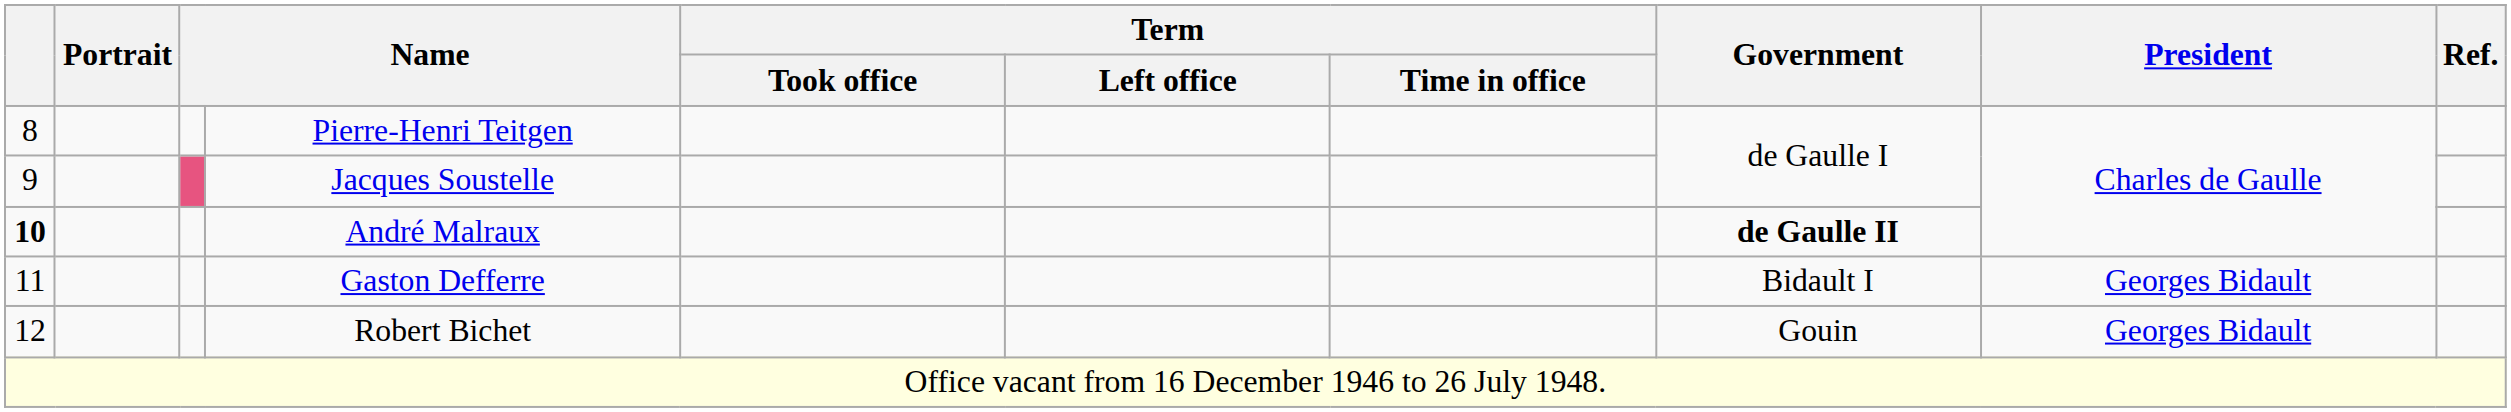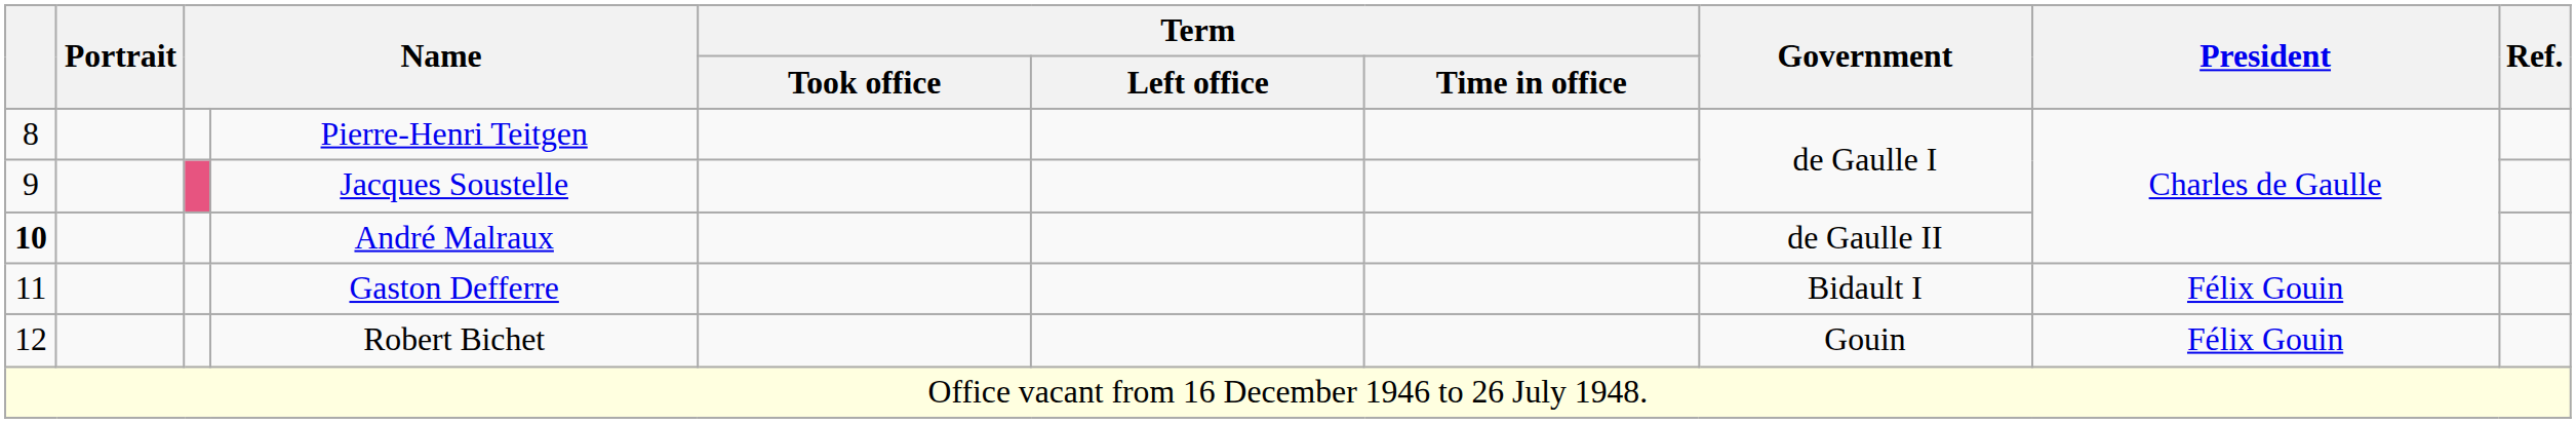 <table class="wikitable" style="text-align:center; width:100%">
 <tr>
 <th style="width:2%" rowspan=2></th>
 <th style="width:5%" rowspan=2>Portrait</th>
 <th style="width:20%" rowspan=2, colspan=2>Name</th>
 <th colspan=3>Term</th>
 <th style="width:13%" rowspan=2>Government</th>
 <th rowspan=2><a href='#'>President</a></th>
 <th style="width:2%" rowspan=2>Ref.</th>
 </tr>
 <tr>
 <th style="width:13%">Took office</th>
 <th style="width:13%">Left office</th>
 <th style="width:13%">Time in office</th>
 </tr>
 <tr>
 <td>8</td>
 <td></td>
 <td style="background:"></td>
 <td><a href='#'>Pierre-Henri Teitgen</a></td>
 <td></td>
 <td></td>
 <td></td>
 <td rowspan=2>de Gaulle I</td>
 <td rowspan=3><a href='#'>Charles de Gaulle</a></td>
 <td></td>
 </tr>
 <tr>
 <td>9</td>
 <td></td>
 <td style="background:#E75480"></td>
 <td><a href='#'>Jacques Soustelle</a></td>
 <td></td>
 <td></td>
 <td></td>
 <td></td>
 </tr>
 <tr>
 <td><strong>10</strong></td>
 <td></td>
 <td style="background:"></td>
 <td><a href='#'>André Malraux</a></td>
 <td></td>
 <td></td>
 <td></td>
-<td><strong>de Gaulle II</strong></td>
+<td>de Gaulle II</td>
 <td></td>
 </tr>
 <tr>
 <td>11</td>
 <td></td>
 <td style="background:"></td>
 <td><a href='#'>Gaston Defferre</a></td>
 <td></td>
 <td></td>
 <td></td>
 <td>Bidault I</td>
-<td><a href='#'>Georges Bidault</a></td>
+<td><a href='#'>Félix Gouin</a></td>
 <td></td>
 </tr>
 <tr>
 <td>12</td>
 <td></td>
 <td style="background:"></td>
 <td>Robert Bichet</td>
 <td></td>
 <td></td>
 <td></td>
 <td>Gouin</td>
-<td><a href='#'>Georges Bidault</a></td>
+<td><a href='#'>Félix Gouin</a></td>
 <td></td>
 </tr>
 <tr bgcolor="lightyellow">
 <td colspan=10>Office vacant from 16 December 1946 to 26 July 1948.</td>
 </tr>
 </table>
